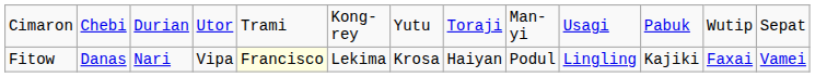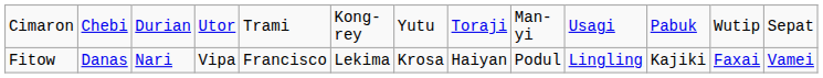 <table class="wikitable">
 <tr>
 <td>Cimaron</td>
 <td><a href='#'>Chebi</a></td>
 <td><a href='#'>Durian</a></td>
 <td><a href='#'>Utor</a></td>
 <td>Trami</td>
 <td>Kong-rey</td>
 <td>Yutu</td>
 <td><a href='#'>Toraji</a></td>
 <td>Man-yi</td>
 <td><a href='#'>Usagi</a></td>
 <td><a href='#'>Pabuk</a></td>
 <td>Wutip</td>
 <td>Sepat</td>
 </tr>
 <tr>
 <td>Fitow</td>
 <td><a href='#'>Danas</a></td>
 <td><a href='#'>Nari</a></td>
 <td>Vipa</td>
-<td style="background: lightyellow;">Francisco</td>
+<td>Francisco</td>
 <td>Lekima</td>
 <td>Krosa</td>
 <td>Haiyan</td>
 <td>Podul</td>
 <td><a href='#'>Lingling</a></td>
 <td>Kajiki</td>
 <td><a href='#'>Faxai</a></td>
 <td><a href='#'>Vamei</a></td>
 </tr>
 </table>
